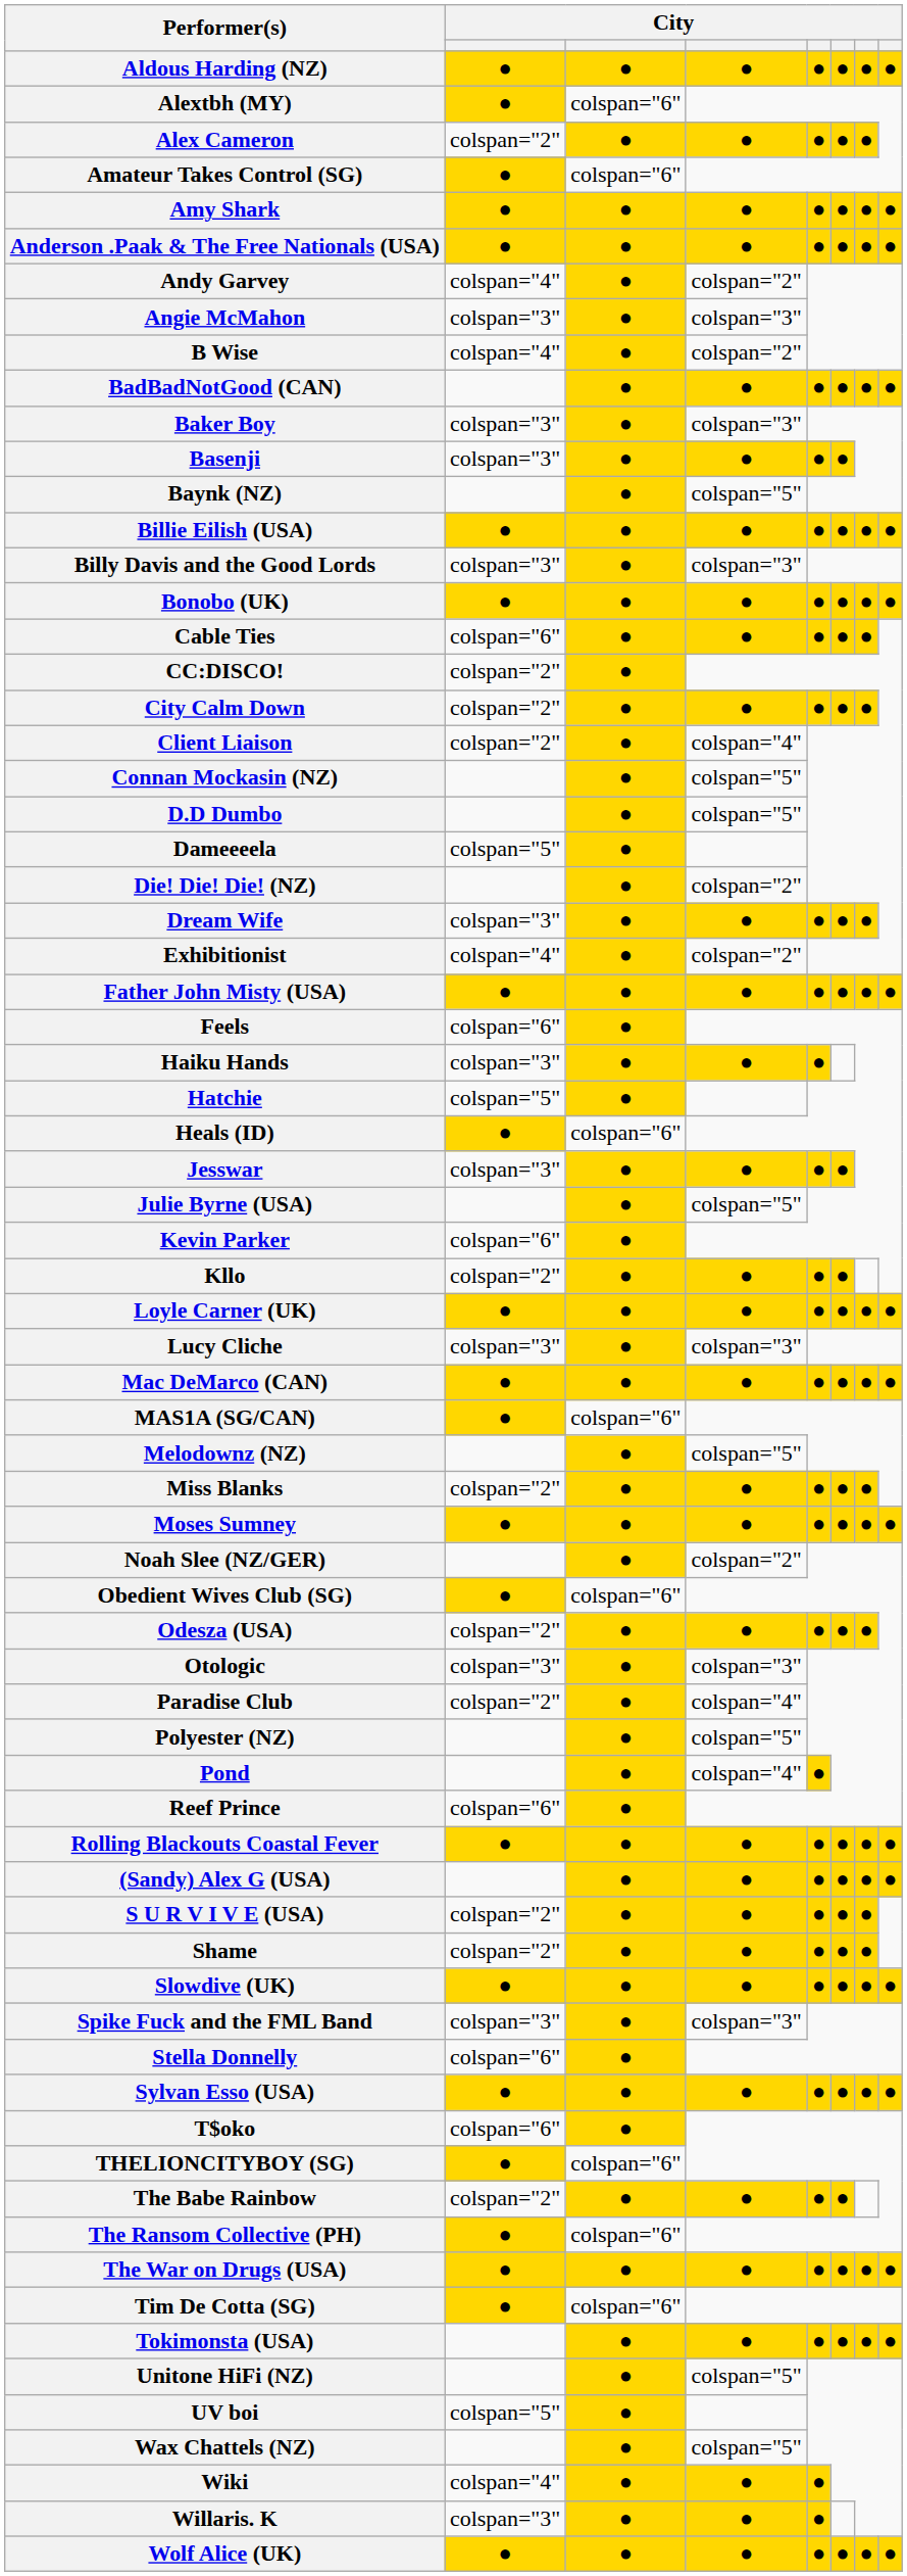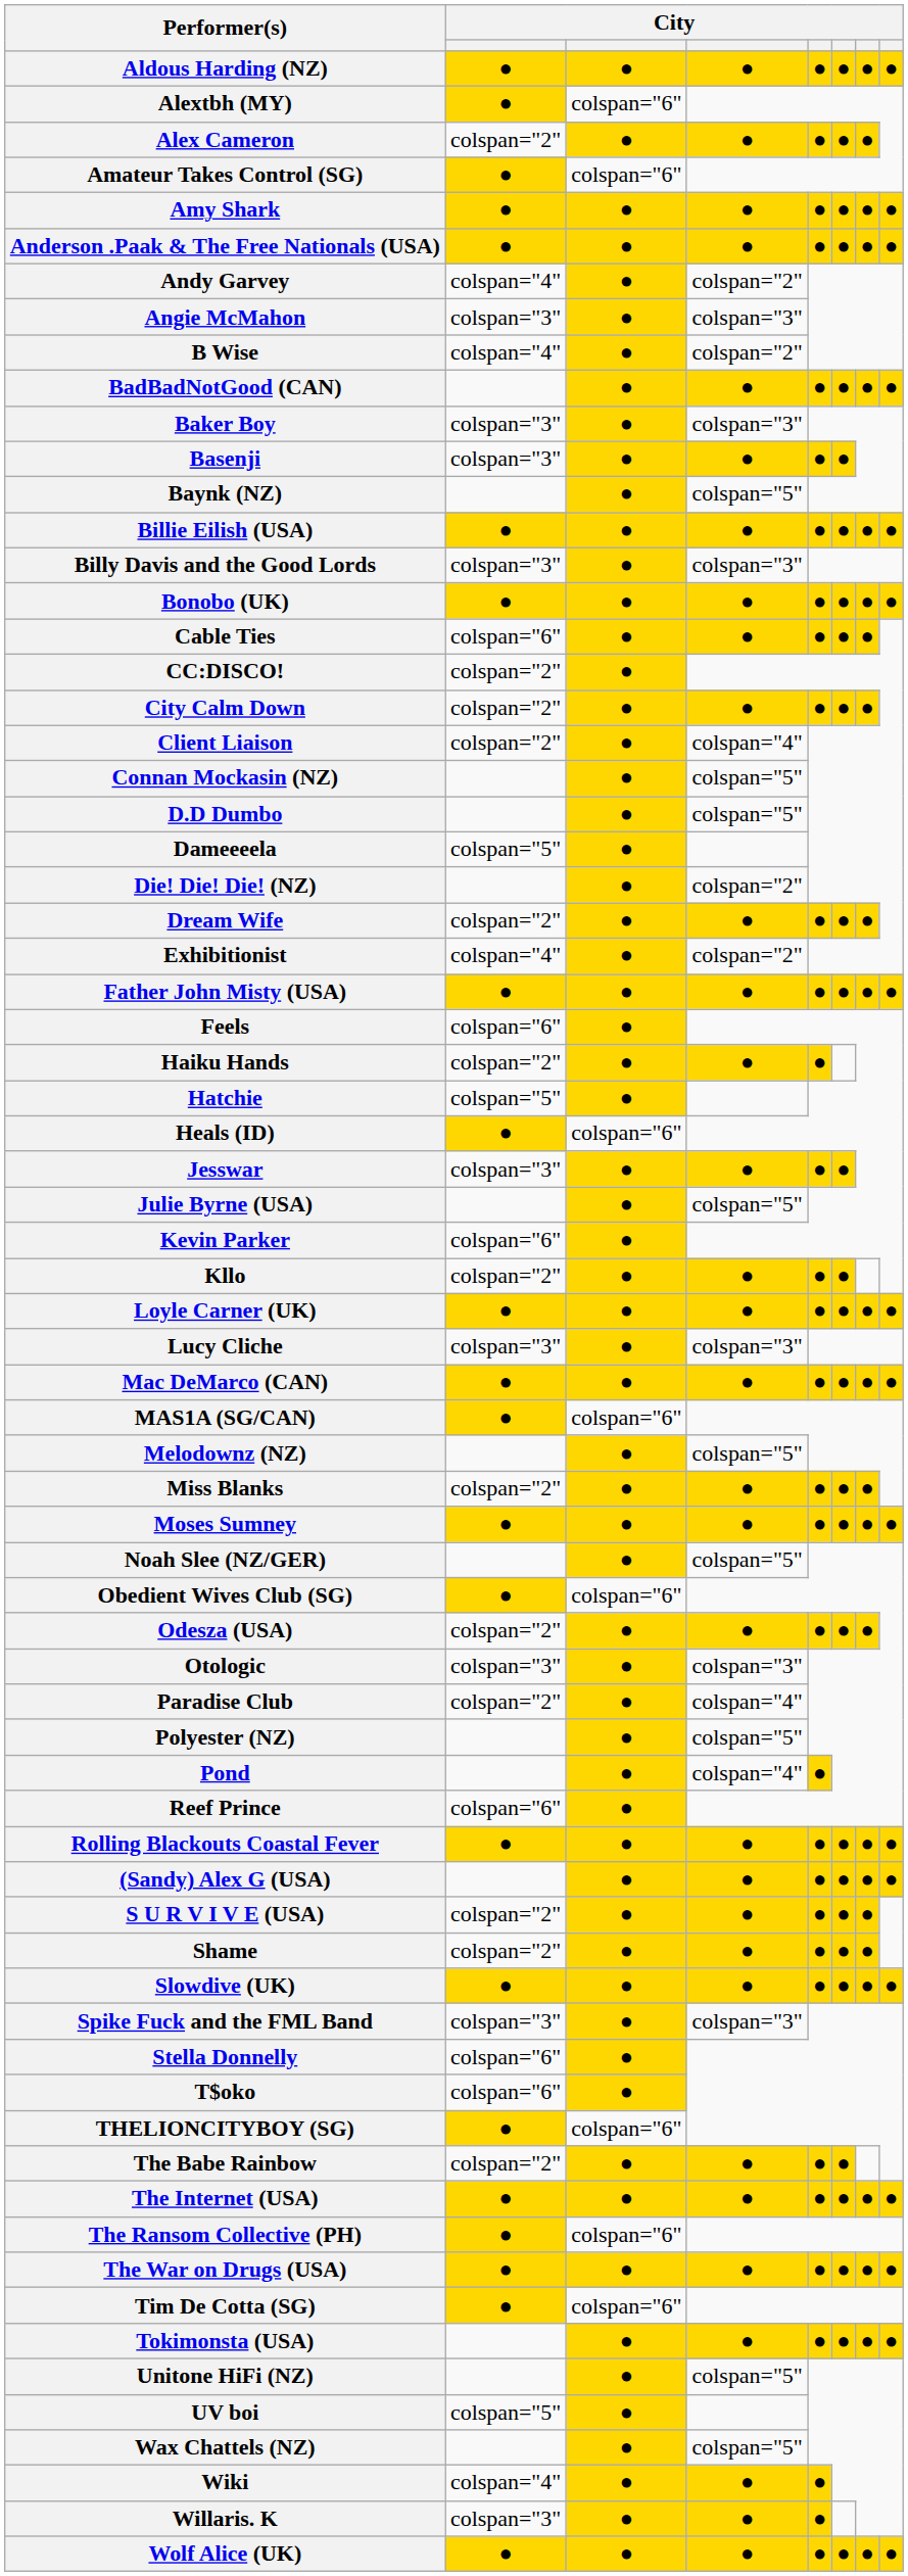 <table class="wikitable plainrowheaders" style="text-align:center">
 <tr>
 <th rowspan="2">Performer(s)</th>
 <th colspan="7">City</th>
 </tr>
 <tr>
 <th></th>
 <th></th>
 <th></th>
 <th></th>
 <th></th>
 <th></th>
 <th></th>
 </tr>
 <tr>
 <th scope="row"><a href='#'>Aldous Harding</a> (NZ)</th>
 <td bgcolor="Gold">●</td>
 <td bgcolor="Gold">●</td>
 <td bgcolor="Gold">●</td>
 <td bgcolor="Gold">●</td>
 <td bgcolor="Gold">●</td>
 <td bgcolor="Gold">●</td>
 <td bgcolor="Gold">●</td>
 </tr>
 <tr>
 <th scope="row">Alextbh (MY)</th>
 <td bgcolor="Gold">●</td>
 <td>colspan="6" </td>
 </tr>
 <tr>
 <th scope="row"><a href='#'>Alex Cameron</a></th>
 <td>colspan="2" </td>
 <td bgcolor="Gold">●</td>
 <td bgcolor="Gold">●</td>
 <td bgcolor="Gold">●</td>
 <td bgcolor="Gold">●</td>
 <td bgcolor="Gold">●</td>
 </tr>
 <tr>
 <th scope="row">Amateur Takes Control (SG)</th>
 <td bgcolor="Gold">●</td>
 <td>colspan="6" </td>
 </tr>
 <tr>
 <th scope="row"><a href='#'>Amy Shark</a></th>
 <td bgcolor="Gold">●</td>
 <td bgcolor="Gold">●</td>
 <td bgcolor="Gold">●</td>
 <td bgcolor="Gold">●</td>
 <td bgcolor="Gold">●</td>
 <td bgcolor="Gold">●</td>
 <td bgcolor="Gold">●</td>
 </tr>
 <tr>
 <th scope="row"><a href='#'>Anderson .Paak & The Free Nationals</a> (USA)</th>
 <td bgcolor="Gold">●</td>
 <td bgcolor="Gold">●</td>
 <td bgcolor="Gold">●</td>
 <td bgcolor="Gold">●</td>
 <td bgcolor="Gold">●</td>
 <td bgcolor="Gold">●</td>
 <td bgcolor="Gold">●</td>
 </tr>
 <tr>
 <th scope="row">Andy Garvey</th>
 <td>colspan="4" </td>
 <td bgcolor="Gold">●</td>
 <td>colspan="2" </td>
 </tr>
 <tr>
 <th scope="row"><a href='#'>Angie McMahon</a></th>
 <td>colspan="3" </td>
 <td bgcolor="Gold">●</td>
 <td>colspan="3" </td>
 </tr>
 <tr>
 <th scope="row">B Wise</th>
 <td>colspan="4" </td>
 <td bgcolor="Gold">●</td>
 <td>colspan="2" </td>
 </tr>
 <tr>
 <th scope="row"><a href='#'>BadBadNotGood</a> (CAN)</th>
 <td></td>
 <td bgcolor="Gold">●</td>
 <td bgcolor="Gold">●</td>
 <td bgcolor="Gold">●</td>
 <td bgcolor="Gold">●</td>
 <td bgcolor="Gold">●</td>
 <td bgcolor="Gold">●</td>
 </tr>
 <tr>
 <th scope="row"><a href='#'>Baker Boy</a></th>
 <td>colspan="3" </td>
 <td bgcolor="Gold">●</td>
 <td>colspan="3" </td>
 </tr>
 <tr>
 <th scope="row"><a href='#'>Basenji</a></th>
 <td>colspan="3" </td>
 <td bgcolor="Gold">●</td>
 <td bgcolor="Gold">●</td>
 <td bgcolor="Gold">●</td>
 <td bgcolor="Gold">●</td>
 </tr>
 <tr>
 <th scope="row">Baynk (NZ)</th>
 <td></td>
 <td bgcolor="Gold">●</td>
 <td>colspan="5" </td>
 </tr>
 <tr>
 <th scope="row"><a href='#'>Billie Eilish</a> (USA)</th>
 <td bgcolor="Gold">●</td>
 <td bgcolor="Gold">●</td>
 <td bgcolor="Gold">●</td>
 <td bgcolor="Gold">●</td>
 <td bgcolor="Gold">●</td>
 <td bgcolor="Gold">●</td>
 <td bgcolor="Gold">●</td>
 </tr>
 <tr>
 <th scope="row">Billy Davis and the Good Lords</th>
 <td>colspan="3" </td>
 <td bgcolor="Gold">●</td>
 <td>colspan="3" </td>
 </tr>
 <tr>
 <th scope="row"><a href='#'>Bonobo</a> (UK)</th>
 <td bgcolor="Gold">●</td>
 <td bgcolor="Gold">●</td>
 <td bgcolor="Gold">●</td>
 <td bgcolor="Gold">●</td>
 <td bgcolor="Gold">●</td>
 <td bgcolor="Gold">●</td>
 <td bgcolor="Gold">●</td>
 </tr>
 <tr>
 <th scope="row">Cable Ties</th>
 <td>colspan="6" </td>
 <td bgcolor="Gold">●</td>
 <td bgcolor="Gold">●</td>
 <td bgcolor="Gold">●</td>
 <td bgcolor="Gold">●</td>
 <td bgcolor="Gold">●</td>
 </tr>
 <tr>
 <th scope="row">CC:DISCO!</th>
 <td>colspan="2" </td>
 <td bgcolor="Gold">●</td>
 </tr>
 <tr>
 <th scope="row"><a href='#'>City Calm Down</a></th>
 <td>colspan="2" </td>
 <td bgcolor="Gold">●</td>
 <td bgcolor="Gold">●</td>
 <td bgcolor="Gold">●</td>
 <td bgcolor="Gold">●</td>
 <td bgcolor="Gold">●</td>
 </tr>
 <tr>
 <th scope="row"><a href='#'>Client Liaison</a></th>
 <td>colspan="2" </td>
 <td bgcolor="Gold">●</td>
 <td>colspan="4" </td>
 </tr>
 <tr>
 <th scope="row"><a href='#'>Connan Mockasin</a> (NZ)</th>
 <td></td>
 <td bgcolor="Gold">●</td>
 <td>colspan="5" </td>
 </tr>
 <tr>
 <th scope="row"><a href='#'>D.D Dumbo</a></th>
 <td></td>
 <td bgcolor="Gold">●</td>
 <td>colspan="5" </td>
 </tr>
 <tr>
 <th scope="row">Dameeeela</th>
 <td>colspan="5" </td>
 <td bgcolor="Gold">●</td>
 <td></td>
 </tr>
 <tr>
 <th scope="row"><a href='#'>Die! Die! Die!</a> (NZ)</th>
 <td></td>
 <td bgcolor="Gold">●</td>
 <td>colspan="2" </td>
 </tr>
 <tr>
 <th scope="row"><a href='#'>Dream Wife</a></th>
-<td>colspan="3" </td>
+<td>colspan="2" </td>
 <td bgcolor="Gold">●</td>
 <td bgcolor="Gold">●</td>
 <td bgcolor="Gold">●</td>
 <td bgcolor="Gold">●</td>
 <td bgcolor="Gold">●</td>
 </tr>
 <tr>
 <th scope="row">Exhibitionist</th>
 <td>colspan="4" </td>
 <td bgcolor="Gold">●</td>
 <td>colspan="2" </td>
 </tr>
 <tr>
 <th scope="row"><a href='#'>Father John Misty</a> (USA)</th>
 <td bgcolor="Gold">●</td>
 <td bgcolor="Gold">●</td>
 <td bgcolor="Gold">●</td>
 <td bgcolor="Gold">●</td>
 <td bgcolor="Gold">●</td>
 <td bgcolor="Gold">●</td>
 <td bgcolor="Gold">●</td>
 </tr>
 <tr>
 <th scope="row">Feels</th>
 <td>colspan="6" </td>
 <td bgcolor="Gold">●</td>
 </tr>
 <tr>
 <th scope="row">Haiku Hands</th>
-<td>colspan="3" </td>
+<td>colspan="2" </td>
 <td bgcolor="Gold">●</td>
 <td bgcolor="Gold">●</td>
 <td bgcolor="Gold">●</td>
 <td></td>
 </tr>
 <tr>
 <th scope="row"><a href='#'>Hatchie</a></th>
 <td>colspan="5" </td>
 <td bgcolor="Gold">●</td>
 <td></td>
 </tr>
 <tr>
 <th scope="row">Heals (ID)</th>
 <td bgcolor="Gold">●</td>
 <td>colspan="6" </td>
 </tr>
 <tr>
 <th scope="row"><a href='#'>Jesswar</a></th>
 <td>colspan="3" </td>
 <td bgcolor="Gold">●</td>
 <td bgcolor="Gold">●</td>
 <td bgcolor="Gold">●</td>
 <td bgcolor="Gold">●</td>
 </tr>
 <tr>
 <th scope="row"><a href='#'>Julie Byrne</a> (USA)</th>
 <td></td>
 <td bgcolor="Gold">●</td>
 <td>colspan="5" </td>
 </tr>
 <tr>
 <th scope="row"><a href='#'>Kevin Parker</a> </th>
 <td>colspan="6" </td>
 <td bgcolor="Gold">●</td>
 </tr>
 <tr>
 <th scope="row">Kllo</th>
 <td>colspan="2" </td>
 <td bgcolor="Gold">●</td>
 <td bgcolor="Gold">●</td>
 <td bgcolor="Gold">●</td>
 <td bgcolor="Gold">●</td>
 <td></td>
 </tr>
 <tr>
 <th scope="row"><a href='#'>Loyle Carner</a> (UK)</th>
 <td bgcolor="Gold">●</td>
 <td bgcolor="Gold">●</td>
 <td bgcolor="Gold">●</td>
 <td bgcolor="Gold">●</td>
 <td bgcolor="Gold">●</td>
 <td bgcolor="Gold">●</td>
 <td bgcolor="Gold">●</td>
 </tr>
 <tr>
 <th scope="row">Lucy Cliche</th>
 <td>colspan="3" </td>
 <td bgcolor="Gold">●</td>
 <td>colspan="3" </td>
 </tr>
 <tr>
 <th scope="row"><a href='#'>Mac DeMarco</a> (CAN)</th>
 <td bgcolor="Gold">●</td>
 <td bgcolor="Gold">●</td>
 <td bgcolor="Gold">●</td>
 <td bgcolor="Gold">●</td>
 <td bgcolor="Gold">●</td>
 <td bgcolor="Gold">●</td>
 <td bgcolor="Gold">●</td>
 </tr>
 <tr>
 <th scope="row">MAS1A (SG/CAN)</th>
 <td bgcolor="Gold">●</td>
 <td>colspan="6" </td>
 </tr>
 <tr>
 <th scope="row"><a href='#'>Melodownz</a> (NZ)</th>
 <td></td>
 <td bgcolor="Gold">●</td>
 <td>colspan="5" </td>
 </tr>
 <tr>
 <th scope="row">Miss Blanks</th>
 <td>colspan="2" </td>
 <td bgcolor="Gold">●</td>
 <td bgcolor="Gold">●</td>
 <td bgcolor="Gold">●</td>
 <td bgcolor="Gold">●</td>
 <td bgcolor="Gold">●</td>
 </tr>
 <tr>
 <th scope="row"><a href='#'>Moses Sumney</a></th>
 <td bgcolor="Gold">●</td>
 <td bgcolor="Gold">●</td>
 <td bgcolor="Gold">●</td>
 <td bgcolor="Gold">●</td>
 <td bgcolor="Gold">●</td>
 <td bgcolor="Gold">●</td>
 <td bgcolor="Gold">●</td>
 </tr>
 <tr>
 <th scope="row">Noah Slee (NZ/GER)</th>
 <td></td>
 <td bgcolor="Gold">●</td>
-<td>colspan="2" </td>
+<td>colspan="5" </td>
 </tr>
 <tr>
 <th scope="row">Obedient Wives Club (SG)</th>
 <td bgcolor="Gold">●</td>
 <td>colspan="6" </td>
 </tr>
 <tr>
 <th scope="row"><a href='#'>Odesza</a> (USA)</th>
 <td>colspan="2" </td>
 <td bgcolor="Gold">●</td>
 <td bgcolor="Gold">●</td>
 <td bgcolor="Gold">●</td>
 <td bgcolor="Gold">●</td>
 <td bgcolor="Gold">●</td>
 </tr>
 <tr>
 <th scope="row">Otologic</th>
 <td>colspan="3" </td>
 <td bgcolor="Gold">●</td>
 <td>colspan="3" </td>
 </tr>
 <tr>
 <th scope="row">Paradise Club</th>
 <td>colspan="2" </td>
 <td bgcolor="Gold">●</td>
 <td>colspan="4" </td>
 </tr>
 <tr>
 <th scope="row">Polyester (NZ)</th>
 <td></td>
 <td bgcolor="Gold">●</td>
 <td>colspan="5" </td>
 </tr>
 <tr>
 <th scope="row"><a href='#'>Pond</a></th>
 <td></td>
 <td bgcolor="Gold">●</td>
 <td>colspan="4" </td>
 <td bgcolor="Gold">●</td>
 </tr>
 <tr>
 <th scope="row">Reef Prince</th>
 <td>colspan="6" </td>
 <td bgcolor="Gold">●</td>
 </tr>
 <tr>
 <th scope="row"><a href='#'>Rolling Blackouts Coastal Fever</a></th>
 <td bgcolor="Gold">●</td>
 <td bgcolor="Gold">●</td>
 <td bgcolor="Gold">●</td>
 <td bgcolor="Gold">●</td>
 <td bgcolor="Gold">●</td>
 <td bgcolor="Gold">●</td>
 <td bgcolor="Gold">●</td>
 </tr>
 <tr>
 <th scope="row"><a href='#'>(Sandy) Alex G</a> (USA)</th>
 <td></td>
 <td bgcolor="Gold">●</td>
 <td bgcolor="Gold">●</td>
 <td bgcolor="Gold">●</td>
 <td bgcolor="Gold">●</td>
 <td bgcolor="Gold">●</td>
 <td bgcolor="Gold">●</td>
 </tr>
 <tr>
 <th scope="row"><a href='#'>S U R V I V E</a> (USA)</th>
 <td>colspan="2" </td>
 <td bgcolor="Gold">●</td>
 <td bgcolor="Gold">●</td>
 <td bgcolor="Gold">●</td>
 <td bgcolor="Gold">●</td>
 <td bgcolor="Gold">●</td>
 </tr>
 <tr>
 <th scope="row">Shame</th>
 <td>colspan="2" </td>
 <td bgcolor="Gold">●</td>
 <td bgcolor="Gold">●</td>
 <td bgcolor="Gold">●</td>
 <td bgcolor="Gold">●</td>
 <td bgcolor="Gold">●</td>
 </tr>
 <tr>
 <th scope="row"><a href='#'>Slowdive</a> (UK)</th>
 <td bgcolor="Gold">●</td>
 <td bgcolor="Gold">●</td>
 <td bgcolor="Gold">●</td>
 <td bgcolor="Gold">●</td>
 <td bgcolor="Gold">●</td>
 <td bgcolor="Gold">●</td>
 <td bgcolor="Gold">●</td>
 </tr>
 <tr>
 <th scope="row"><a href='#'>Spike Fuck</a> and the FML Band</th>
 <td>colspan="3" </td>
 <td bgcolor="Gold">●</td>
 <td>colspan="3" </td>
 </tr>
 <tr>
 <th scope="row"><a href='#'>Stella Donnelly</a></th>
 <td>colspan="6" </td>
 <td bgcolor="Gold">●</td>
 </tr>
 <tr>
-<th scope="row"><a href='#'>Sylvan Esso</a> (USA)</th>
-<td bgcolor="Gold">●</td>
-<td bgcolor="Gold">●</td>
-<td bgcolor="Gold">●</td>
-<td bgcolor="Gold">●</td>
-<td bgcolor="Gold">●</td>
-<td bgcolor="Gold">●</td>
-<td bgcolor="Gold">●</td>
-</tr>
-<tr>
 <th scope="row">T$oko</th>
 <td>colspan="6" </td>
 <td bgcolor="Gold">●</td>
 </tr>
 <tr>
 <th scope="row">THELIONCITYBOY (SG)</th>
 <td bgcolor="Gold">●</td>
 <td>colspan="6" </td>
 </tr>
 <tr>
 <th scope="row">The Babe Rainbow</th>
 <td>colspan="2" </td>
 <td bgcolor="Gold">●</td>
 <td bgcolor="Gold">●</td>
 <td bgcolor="Gold">●</td>
 <td bgcolor="Gold">●</td>
 <td></td>
+</tr>
+<tr>
+<th scope="row"><a href='#'>The Internet</a> (USA)</th>
+<td bgcolor="Gold">●</td>
+<td bgcolor="Gold">●</td>
+<td bgcolor="Gold">●</td>
+<td bgcolor="Gold">●</td>
+<td bgcolor="Gold">●</td>
+<td bgcolor="Gold">●</td>
+<td bgcolor="Gold">●</td>
 </tr>
 <tr>
 <th scope="row"><a href='#'>The Ransom Collective</a> (PH)</th>
 <td bgcolor="Gold">●</td>
 <td>colspan="6" </td>
 </tr>
 <tr>
 <th scope="row"><a href='#'>The War on Drugs</a> (USA)</th>
 <td bgcolor="Gold">●</td>
 <td bgcolor="Gold">●</td>
 <td bgcolor="Gold">●</td>
 <td bgcolor="Gold">●</td>
 <td bgcolor="Gold">●</td>
 <td bgcolor="Gold">●</td>
 <td bgcolor="Gold">●</td>
 </tr>
 <tr>
 <th scope="row">Tim De Cotta (SG)</th>
 <td bgcolor="Gold">●</td>
 <td>colspan="6" </td>
 </tr>
 <tr>
 <th scope="row"><a href='#'>Tokimonsta</a> (USA)</th>
 <td></td>
 <td bgcolor="Gold">●</td>
 <td bgcolor="Gold">●</td>
 <td bgcolor="Gold">●</td>
 <td bgcolor="Gold">●</td>
 <td bgcolor="Gold">●</td>
 <td bgcolor="Gold">●</td>
 </tr>
 <tr>
 <th scope="row">Unitone HiFi (NZ)</th>
 <td></td>
 <td bgcolor="Gold">●</td>
 <td>colspan="5" </td>
 </tr>
 <tr>
 <th scope="row">UV boi</th>
 <td>colspan="5" </td>
 <td bgcolor="Gold">●</td>
 <td></td>
 </tr>
 <tr>
 <th scope="row">Wax Chattels (NZ)</th>
 <td></td>
 <td bgcolor="Gold">●</td>
 <td>colspan="5" </td>
 </tr>
 <tr>
 <th scope="row">Wiki</th>
 <td>colspan="4" </td>
 <td bgcolor="Gold">●</td>
 <td bgcolor="Gold">●</td>
 <td bgcolor="Gold">●</td>
 </tr>
 <tr>
 <th scope="row">Willaris. K</th>
 <td>colspan="3" </td>
 <td bgcolor="Gold">●</td>
 <td bgcolor="Gold">●</td>
 <td bgcolor="Gold">●</td>
 <td></td>
 </tr>
 <tr>
 <th scope="row"><a href='#'>Wolf Alice</a> (UK)</th>
 <td bgcolor="Gold">●</td>
 <td bgcolor="Gold">●</td>
 <td bgcolor="Gold">●</td>
 <td bgcolor="Gold">●</td>
 <td bgcolor="Gold">●</td>
 <td bgcolor="Gold">●</td>
 <td bgcolor="Gold">●</td>
 </tr>
 </table>
